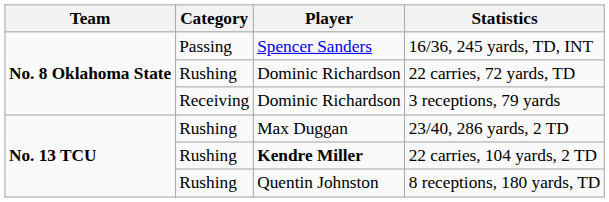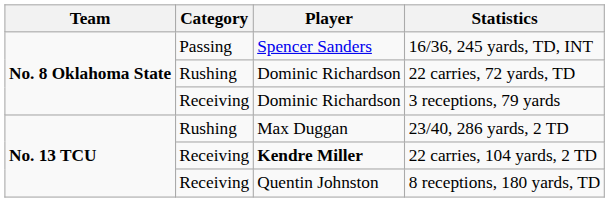 <table class="wikitable" style="float: right;">
 <tr>
 <th>Team</th>
 <th>Category</th>
 <th>Player</th>
 <th>Statistics</th>
 </tr>
 <tr>
 <td rowspan=3><strong>No. 8 Oklahoma State</strong></td>
 <td>Passing</td>
 <td><a href='#'>Spencer Sanders</a></td>
 <td>16/36, 245 yards, TD, INT</td>
 </tr>
 <tr>
 <td>Rushing</td>
 <td>Dominic Richardson</td>
 <td>22 carries, 72 yards, TD</td>
 </tr>
 <tr>
 <td>Receiving</td>
 <td>Dominic Richardson</td>
 <td>3 receptions, 79 yards</td>
 </tr>
 <tr>
 <td rowspan=3><strong>No. 13 TCU</strong></td>
 <td>Rushing</td>
 <td>Max Duggan</td>
 <td>23/40, 286 yards, 2 TD</td>
 </tr>
 <tr>
-<td>Rushing</td>
+<td>Receiving</td>
 <td><strong>Kendre Miller</strong></td>
 <td>22 carries, 104 yards, 2 TD</td>
 </tr>
 <tr>
-<td>Rushing</td>
+<td>Receiving</td>
 <td>Quentin Johnston</td>
 <td>8 receptions, 180 yards, TD</td>
 </tr>
 </table>
